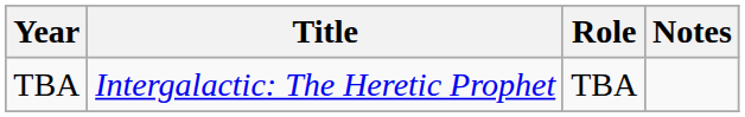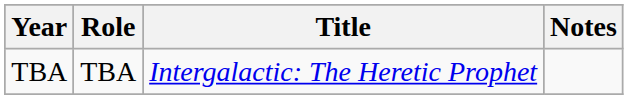 <table class="wikitable sortable">
 <tr>
 <th>Year</th>
+<th>Role</th>
 <th>Title</th>
-<th>Role</th>
 <th>Notes</th>
 </tr>
 <tr>
 <td>TBA</td>
+<td>TBA</td>
 <td><em><a href='#'>Intergalactic: The Heretic Prophet</a></em></td>
-<td>TBA</td>
 <td></td>
 </tr>
 </table>
